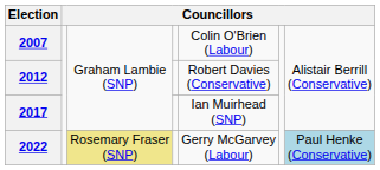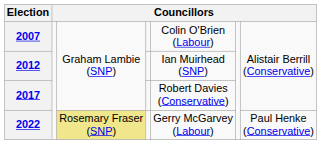 <table class="wikitable" style="text-align:center">
 <tr>
 <th>Election</th>
 <th colspan=6>Councillors</th>
 </tr>
 <tr>
 <th><a href='#'>2007</a></th>
 <td rowspan=4; style="background-color: "></td>
 <td rowspan=3>Graham Lambie<br>(<a href='#'>SNP</a>)</td>
 <td rowspan=1; style="background-color: "></td>
 <td rowspan=1>Colin O'Brien<br>(<a href='#'>Labour</a>)</td>
 <td rowspan=4; style="background-color: "></td>
 <td rowspan=3>Alistair Berrill<br>(<a href='#'>Conservative</a>)</td>
 </tr>
 <tr>
 <th><a href='#'>2012</a></th>
 <td rowspan=1; style="background-color: "></td>
-<td rowspan=1>Robert Davies<br>(<a href='#'>Conservative</a>)</td>
+<td rowspan=1>Ian Muirhead<br>(<a href='#'>SNP</a>)</td>
 </tr>
 <tr>
 <th><a href='#'>2017</a></th>
 <td rowspan=1; style="background-color: "></td>
-<td rowspan=1>Ian Muirhead<br>(<a href='#'>SNP</a>)</td>
+<td rowspan=1>Robert Davies<br>(<a href='#'>Conservative</a>)</td>
 </tr>
 <tr>
 <th><a href='#'>2022</a></th>
 <td rowspan=1 style="background: khaki;">Rosemary Fraser<br>(<a href='#'>SNP</a>)</td>
 <td rowspan=1; style="background-color: "></td>
 <td rowspan=1>Gerry McGarvey<br>(<a href='#'>Labour</a>)</td>
-<td rowspan=1 style="background: lightblue;">Paul Henke<br>(<a href='#'>Conservative</a>)</td>
+<td rowspan=1>Paul Henke<br>(<a href='#'>Conservative</a>)</td>
 </tr>
 </table>
